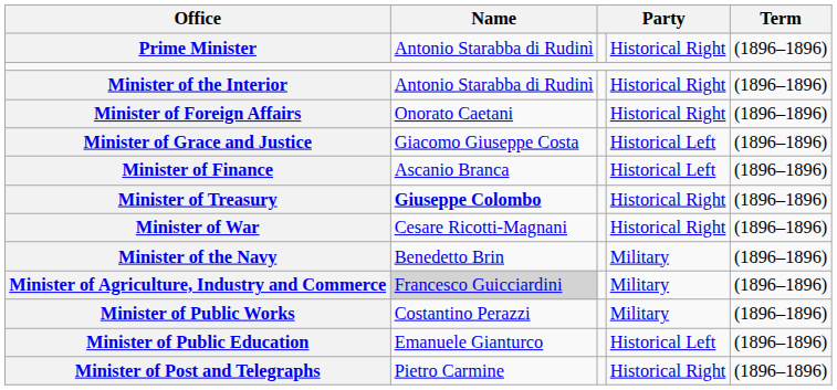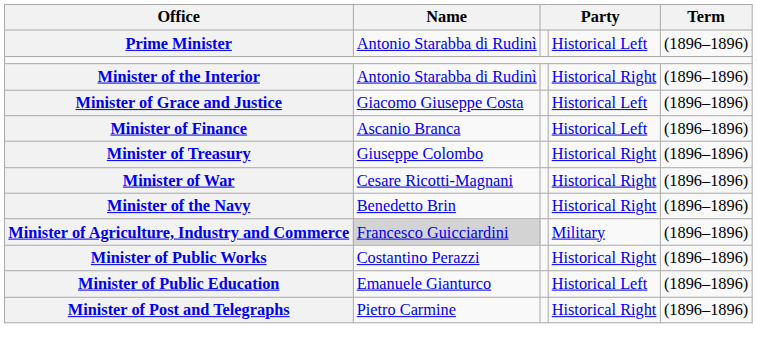 <table class="wikitable" style="font-size: 100%;">
 <tr>
 <th>Office</th>
 <th>Name</th>
 <th colspan=2>Party</th>
 <th>Term</th>
 </tr>
 <tr>
 <th><a href='#'>Prime Minister</a></th>
 <td><a href='#'>Antonio Starabba di Rudinì</a></td>
 <td style="color:inherit;background:"></td>
-<td><a href='#'>Historical Right</a></td>
+<td><a href='#'>Historical Left</a></td>
 <td>(1896–1896)</td>
 </tr>
 <tr>
 <td colspan=5></td>
 </tr>
 <tr>
 <th><a href='#'>Minister of the Interior</a></th>
 <td><a href='#'>Antonio Starabba di Rudinì</a></td>
-<td style="color:inherit;background:"></td>
-<td><a href='#'>Historical Right</a></td>
-<td>(1896–1896)</td>
-</tr>
-<tr>
-<th><a href='#'>Minister of Foreign Affairs</a></th>
-<td><a href='#'>Onorato Caetani</a></td>
 <td style="color:inherit;background:"></td>
 <td><a href='#'>Historical Right</a></td>
 <td>(1896–1896)</td>
 </tr>
 <tr>
 <th><a href='#'>Minister of Grace and Justice</a></th>
 <td><a href='#'>Giacomo Giuseppe Costa</a></td>
 <td style="color:inherit;background:"></td>
 <td><a href='#'>Historical Left</a></td>
 <td>(1896–1896)</td>
 </tr>
 <tr>
 <th><a href='#'>Minister of Finance</a></th>
 <td><a href='#'>Ascanio Branca</a></td>
 <td style="color:inherit;background:"></td>
 <td><a href='#'>Historical Left</a></td>
 <td>(1896–1896)</td>
 </tr>
 <tr>
 <th><a href='#'>Minister of Treasury</a></th>
-<td><strong><a href='#'>Giuseppe Colombo</a></strong></td>
+<td><a href='#'>Giuseppe Colombo</a></td>
 <td style="color:inherit;background:"></td>
 <td><a href='#'>Historical Right</a></td>
 <td>(1896–1896)</td>
 </tr>
 <tr>
 <th><a href='#'>Minister of War</a></th>
 <td><a href='#'>Cesare Ricotti-Magnani</a></td>
 <td style="color:inherit;background:"></td>
 <td><a href='#'>Historical Right</a></td>
 <td>(1896–1896)</td>
 </tr>
 <tr>
 <th><a href='#'>Minister of the Navy</a></th>
 <td><a href='#'>Benedetto Brin</a></td>
 <td style="color:inherit;background:"></td>
-<td><a href='#'>Military</a></td>
+<td><a href='#'>Historical Right</a></td>
 <td>(1896–1896)</td>
 </tr>
 <tr>
 <th><a href='#'>Minister of Agriculture, Industry and Commerce</a></th>
 <td style="background: lightgrey;"><a href='#'>Francesco Guicciardini</a></td>
 <td style="color:inherit;background:"></td>
 <td><a href='#'>Military</a></td>
 <td>(1896–1896)</td>
 </tr>
 <tr>
 <th><a href='#'>Minister of Public Works</a></th>
 <td><a href='#'>Costantino Perazzi</a></td>
 <td style="color:inherit;background:"></td>
-<td><a href='#'>Military</a></td>
+<td><a href='#'>Historical Right</a></td>
 <td>(1896–1896)</td>
 </tr>
 <tr>
 <th><a href='#'>Minister of Public Education</a></th>
 <td><a href='#'>Emanuele Gianturco</a></td>
 <td style="color:inherit;background:"></td>
 <td><a href='#'>Historical Left</a></td>
 <td>(1896–1896)</td>
 </tr>
 <tr>
 <th><a href='#'>Minister of Post and Telegraphs</a></th>
 <td><a href='#'>Pietro Carmine</a></td>
 <td style="color:inherit;background:"></td>
 <td><a href='#'>Historical Right</a></td>
 <td>(1896–1896)</td>
 </tr>
 </table>
